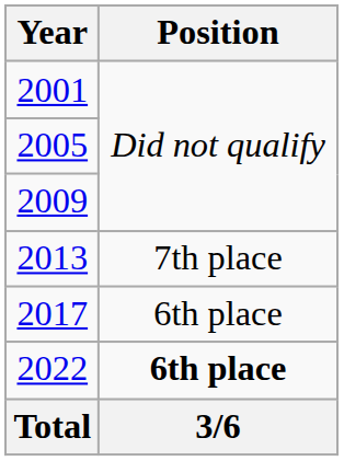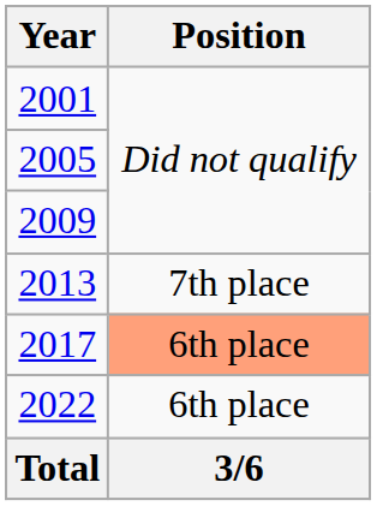 <table class="wikitable" style="text-align: center;">
 <tr>
 <th>Year</th>
 <th width="100">Position</th>
 </tr>
 <tr>
 <td> <a href='#'>2001</a></td>
 <td rowspan=3><em>Did not qualify</em></td>
 </tr>
 <tr>
 <td> <a href='#'>2005</a></td>
 </tr>
 <tr>
 <td> <a href='#'>2009</a></td>
 </tr>
 <tr>
 <td> <a href='#'>2013</a></td>
 <td>7th place</td>
 </tr>
 <tr>
 <td> <a href='#'>2017</a></td>
-<td>6th place</td>
+<td style="background: lightsalmon;">6th place</td>
 </tr>
 <tr>
 <td> <a href='#'>2022</a></td>
-<td><strong>6th place</strong></td>
+<td>6th place</td>
 </tr>
 <tr>
 <th>Total</th>
 <th>3/6</th>
 </tr>
 </table>
